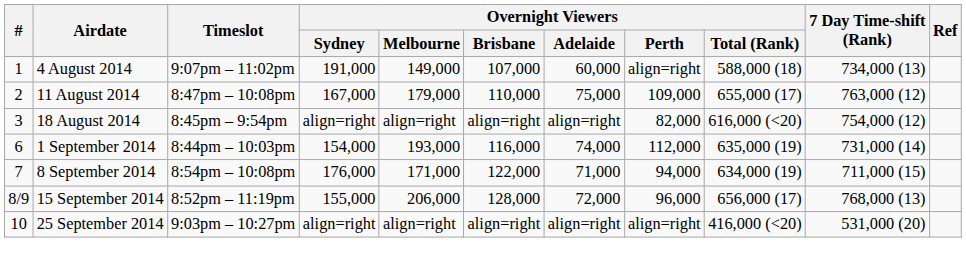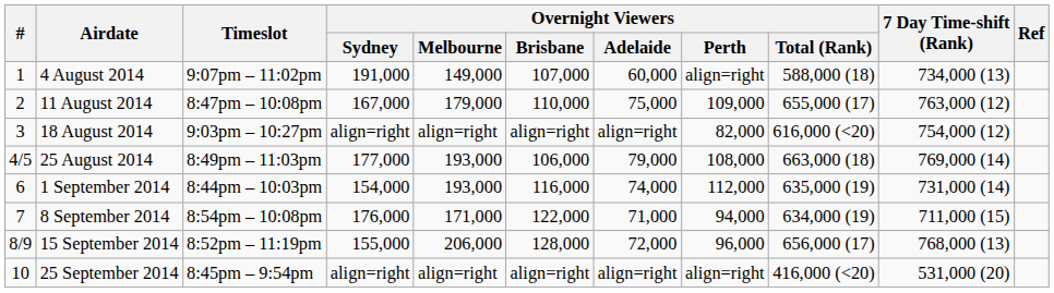 <table class=wikitable>
 <tr>
 <th rowspan=2>#</th>
 <th rowspan=2>Airdate</th>
 <th rowspan=2>Timeslot</th>
 <th colspan=6>Overnight Viewers</th>
 <th rowspan=2>7 Day Time-shift <br> (Rank)</th>
 <th rowspan=2>Ref</th>
 </tr>
 <tr>
 <th>Sydney</th>
 <th>Melbourne</th>
 <th>Brisbane</th>
 <th>Adelaide</th>
 <th>Perth</th>
 <th>Total (Rank)</th>
 </tr>
 <tr>
 <td align="center">1</td>
 <td>4 August 2014</td>
 <td>9:07pm – 11:02pm</td>
 <td align=right>191,000</td>
 <td align=right>149,000</td>
 <td align=right>107,000</td>
 <td align=right>60,000</td>
 <td>align=right </td>
 <td align=right>588,000 (18)</td>
 <td align=right>734,000 (13)</td>
 <td align=center></td>
 </tr>
 <tr>
 <td align="center">2</td>
 <td>11 August 2014</td>
 <td>8:47pm – 10:08pm</td>
 <td align=right>167,000</td>
 <td align=right>179,000</td>
 <td align=right>110,000</td>
 <td align=right>75,000</td>
 <td align=right>109,000</td>
 <td align=right>655,000 (17)</td>
 <td align=right>763,000 (12)</td>
 <td align=center></td>
 </tr>
 <tr>
 <td align="center">3</td>
 <td>18 August 2014</td>
-<td>8:45pm – 9:54pm</td>
+<td>9:03pm – 10:27pm</td>
 <td>align=right </td>
 <td>align=right </td>
 <td>align=right </td>
 <td>align=right </td>
 <td align=right>82,000</td>
 <td align=right>616,000 (<20)</td>
 <td align=right>754,000 (12)</td>
+<td align=center></td>
+</tr>
+<tr>
+<td align="center">4/5</td>
+<td>25 August 2014</td>
+<td>8:49pm – 11:03pm</td>
+<td align=right>177,000</td>
+<td align=right>193,000</td>
+<td align=right>106,000</td>
+<td align=right>79,000</td>
+<td align=right>108,000</td>
+<td align=right>663,000 (18)</td>
+<td align=right>769,000 (14)</td>
 <td align=center></td>
 </tr>
 <tr>
 <td align="center">6</td>
 <td>1  September 2014</td>
 <td>8:44pm – 10:03pm</td>
 <td align=right>154,000</td>
 <td align=right>193,000</td>
 <td align=right>116,000</td>
 <td align=right>74,000</td>
 <td align=right>112,000</td>
 <td align=right>635,000 (19)</td>
 <td align=right>731,000 (14)</td>
 <td align=center></td>
 </tr>
 <tr>
 <td align="center">7</td>
 <td>8 September 2014</td>
 <td>8:54pm – 10:08pm</td>
 <td align=right>176,000</td>
 <td align=right>171,000</td>
 <td align=right>122,000</td>
 <td align=right>71,000</td>
 <td align=right>94,000</td>
 <td align=right>634,000 (19)</td>
 <td align=right>711,000 (15)</td>
 <td align=center></td>
 </tr>
 <tr ->
 <td align="center">8/9</td>
 <td>15 September 2014</td>
 <td>8:52pm – 11:19pm</td>
 <td align=right>155,000</td>
 <td align=right>206,000</td>
 <td align=right>128,000</td>
 <td align=right>72,000</td>
 <td align=right>96,000</td>
 <td align=right>656,000 (17)</td>
 <td align=right>768,000 (13)</td>
 <td align=center></td>
 </tr>
 <tr>
 <td align="center">10</td>
 <td>25 September 2014</td>
-<td>9:03pm – 10:27pm</td>
+<td>8:45pm – 9:54pm</td>
 <td>align=right </td>
 <td>align=right </td>
 <td>align=right </td>
 <td>align=right </td>
 <td>align=right </td>
 <td align=right>416,000 (<20)</td>
 <td align=right>531,000 (20)</td>
 <td align=center></td>
 </tr>
 </table>
